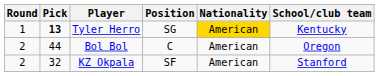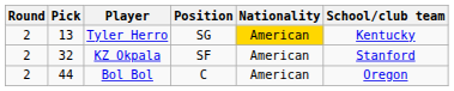 <table class="wikitable sortable sortable">
 <tr>
 <th>Round</th>
 <th>Pick</th>
 <th>Player</th>
 <th>Position</th>
 <th>Nationality</th>
 <th>School/club team</th>
 </tr>
 <tr style="text-align: center">
-<td>1</td>
-<td><strong>13</strong></td>
+<td>2</td>
+<td>13</td>
 <td><a href='#'>Tyler Herro</a></td>
 <td>SG</td>
 <td style="background: gold;">American</td>
 <td><a href='#'>Kentucky</a></td>
+</tr>
+<tr style="text-align: center">
+<td>2</td>
+<td>32</td>
+<td><a href='#'>KZ Okpala</a></td>
+<td>SF</td>
+<td>American</td>
+<td><a href='#'>Stanford</a></td>
 </tr>
 <tr style="text-align: center">
 <td>2</td>
 <td>44</td>
 <td><a href='#'>Bol Bol</a></td>
 <td>C</td>
 <td>American</td>
 <td><a href='#'>Oregon</a></td>
 </tr>
-<tr style="text-align: center">
-<td>2</td>
-<td>32</td>
-<td><a href='#'>KZ Okpala</a></td>
-<td>SF</td>
-<td>American</td>
-<td><a href='#'>Stanford</a></td>
-</tr>
 </table>
